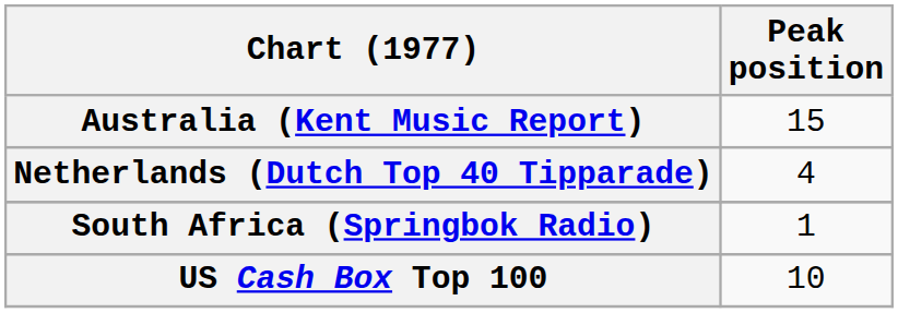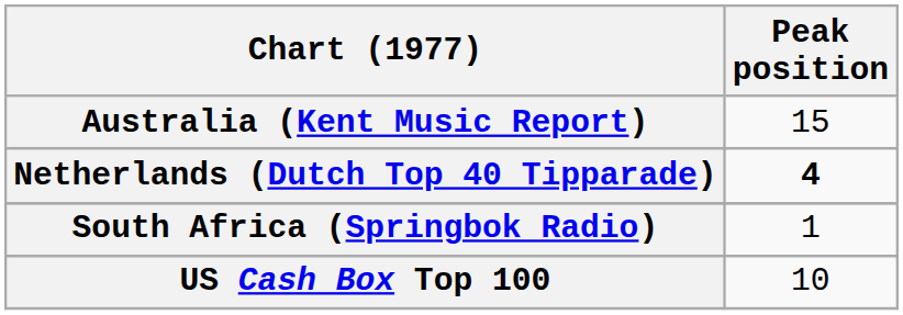 <table class="wikitable sortable plainrowheaders" style="text-align:center;">
 <tr>
 <th scope="col">Chart (1977)</th>
 <th scope="col">Peak<br>position</th>
 </tr>
 <tr>
 <th scope="row">Australia (<a href='#'>Kent Music Report</a>)</th>
 <td>15</td>
 </tr>
 <tr>
 </tr>
 <tr>
 </tr>
 <tr>
 </tr>
 <tr>
 <th scope="row">Netherlands (<a href='#'>Dutch Top 40 Tipparade</a>)</th>
-<td>4</td>
+<td><strong>4</strong></td>
 </tr>
 <tr>
 </tr>
 <tr>
 </tr>
 <tr>
 <th scope="row">South Africa (<a href='#'>Springbok Radio</a>)</th>
 <td>1</td>
 </tr>
 <tr>
 </tr>
 <tr>
 </tr>
 <tr>
 <th scope="row">US <em><a href='#'>Cash Box</a></em> Top 100</th>
 <td>10</td>
 </tr>
 <tr>
 </tr>
 </table>
